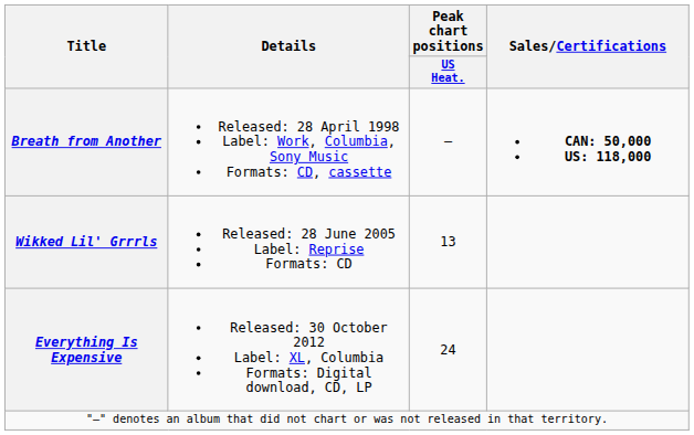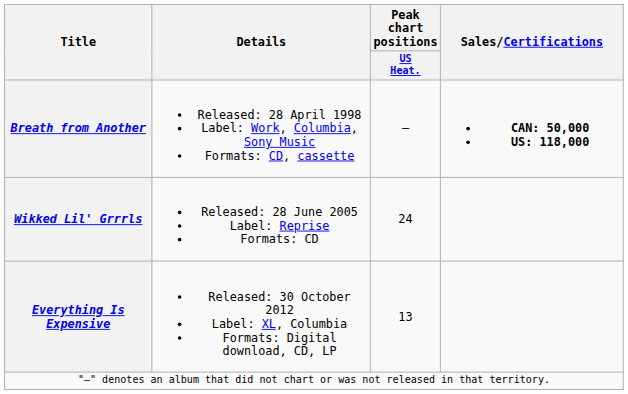 <table class="wikitable plainrowheaders" style="text-align:center;">
 <tr>
 <th scope="col" rowspan="2" style="width:12em;">Title</th>
 <th scope="col" rowspan="2" style="width:18em;">Details</th>
 <th scope="col" colspan="1">Peak chart positions</th>
 <th scope="col" rowspan="2" style="width:15em;">Sales/<a href='#'>Certifications</a></th>
 </tr>
 <tr>
 <th scope="col" style="width:3em;font-size:85%;"><a href='#'>US<br>Heat.</a></th>
 </tr>
 <tr>
 <th scope="row"><em><a href='#'>Breath from Another</a></em></th>
 <td><br><ul><li>Released: 28 April 1998</li><li>Label: <a href='#'>Work</a>, <a href='#'>Columbia</a>, <a href='#'>Sony Music</a></li><li>Formats: <a href='#'>CD</a>, <a href='#'>cassette</a></li></ul></td>
 <td>—</td>
 <td><strong><br><ul><li>CAN: 50,000</li><li>US: 118,000</li></ul></strong></td>
 </tr>
 <tr>
 <th scope="row"><em><a href='#'>Wikked Lil' Grrrls</a></em></th>
 <td><br><ul><li>Released: 28 June 2005</li><li>Label: <a href='#'>Reprise</a></li><li>Formats: CD</li></ul></td>
-<td>13</td>
+<td>24</td>
 <td></td>
 </tr>
 <tr>
 <th scope="row"><em><a href='#'>Everything Is Expensive</a></em></th>
 <td><br><ul><li>Released: 30 October 2012</li><li>Label: <a href='#'>XL</a>, Columbia</li><li>Formats: Digital download, CD, LP</li></ul></td>
-<td>24</td>
+<td>13</td>
 <td></td>
 </tr>
 <tr>
 <td colspan="4" style="font-size:85%">"—" denotes an album that did not chart or was not released in that territory.</td>
 </tr>
 </table>
